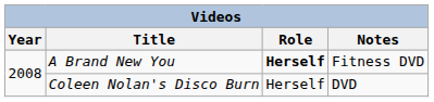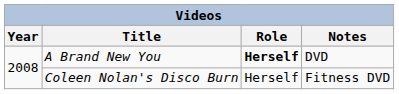 <table class="wikitable">
 <tr style="background:#ccc; text-align:center;">
 <th colspan="4" style="background: LightSteelBlue;">Videos</th>
 </tr>
 <tr style="background:#ccc; text-align:center;">
 <th>Year</th>
 <th>Title</th>
 <th>Role</th>
 <th>Notes</th>
 </tr>
 <tr>
 <td rowspan=2>2008</td>
 <td><em>A Brand New You</em></td>
 <td><strong>Herself</strong></td>
-<td>Fitness DVD</td>
+<td>DVD</td>
 </tr>
 <tr>
 <td><em>Coleen Nolan's Disco Burn</em></td>
 <td>Herself</td>
-<td>DVD</td>
+<td>Fitness DVD</td>
 </tr>
 </table>
